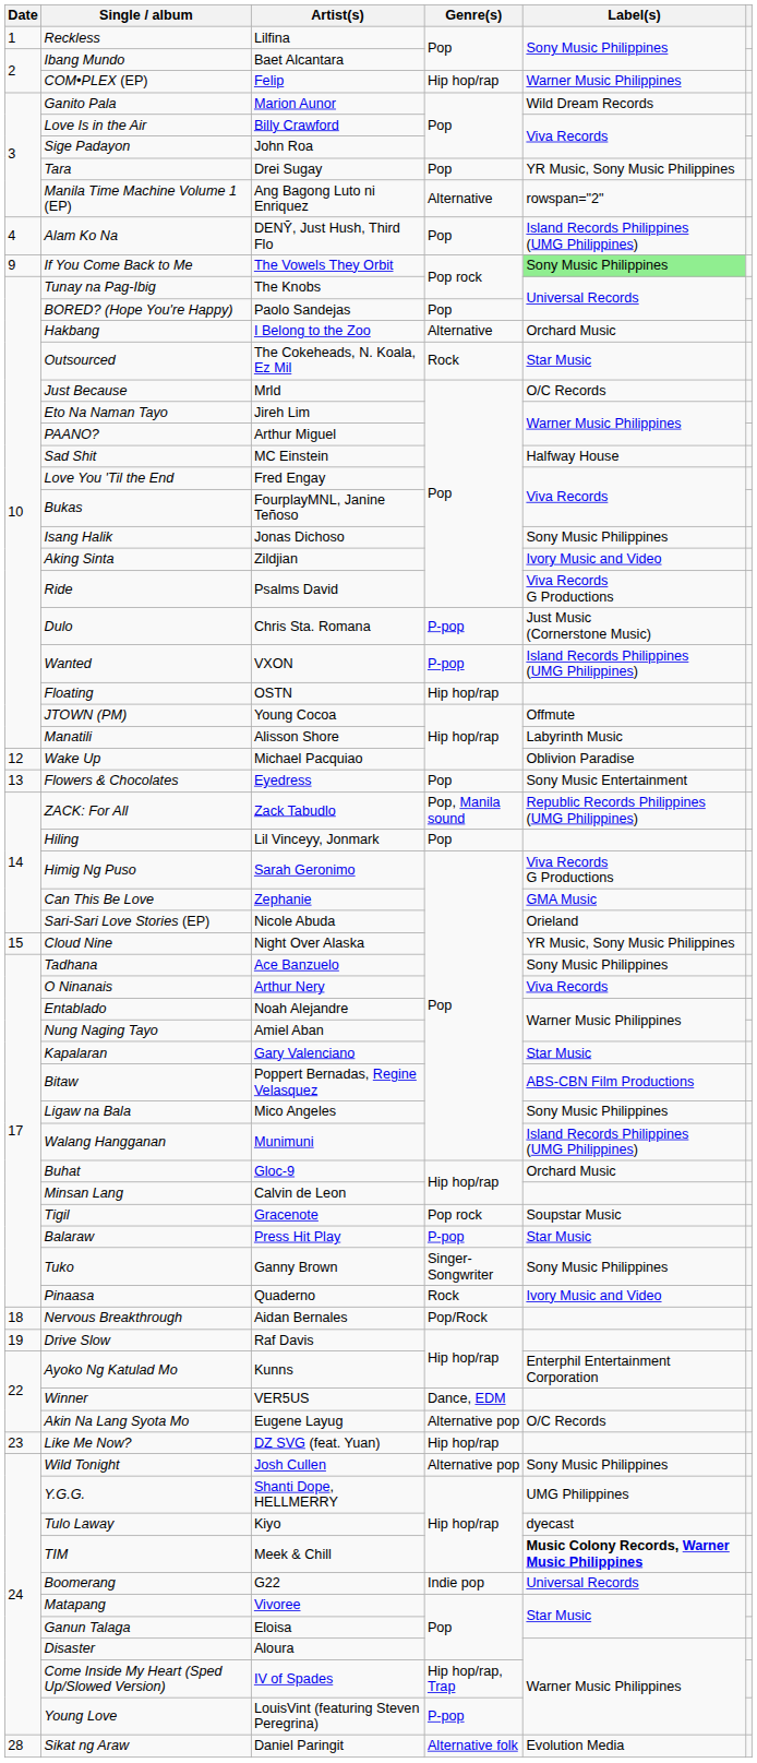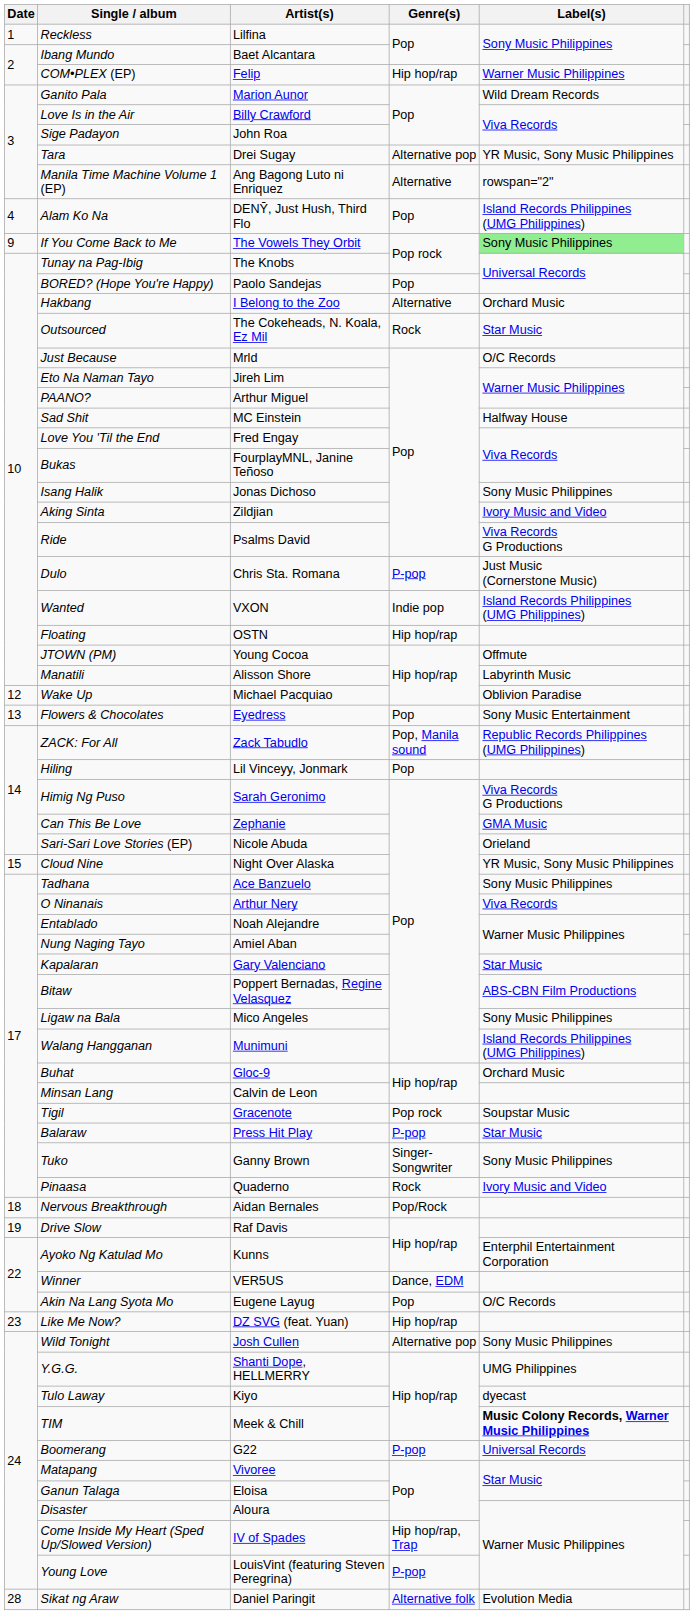 <table class="wikitable">
 <tr>
 <th>Date</th>
 <th>Single / album</th>
 <th>Artist(s)</th>
 <th>Genre(s)</th>
 <th>Label(s)</th>
 <th></th>
 </tr>
 <tr>
 <td>1</td>
 <td><em>Reckless</em></td>
 <td>Lilfina</td>
 <td rowspan="2">Pop</td>
 <td rowspan="2"><a href='#'>Sony Music Philippines</a></td>
 <td></td>
 </tr>
 <tr>
 <td rowspan="2">2</td>
 <td><em>Ibang Mundo</em></td>
 <td>Baet Alcantara</td>
 <td></td>
 </tr>
 <tr>
 <td><em>COM•PLEX</em> (EP)</td>
 <td><a href='#'>Felip</a></td>
 <td>Hip hop/rap</td>
 <td><a href='#'>Warner Music Philippines</a></td>
 <td></td>
 </tr>
 <tr>
 <td rowspan="5">3</td>
 <td><em>Ganito Pala</em></td>
 <td><a href='#'>Marion Aunor</a></td>
 <td rowspan="3">Pop</td>
 <td>Wild Dream Records</td>
 <td></td>
 </tr>
 <tr>
 <td><em>Love Is in the Air</em></td>
 <td><a href='#'>Billy Crawford</a></td>
 <td rowspan="2"><a href='#'>Viva Records</a></td>
 <td></td>
 </tr>
 <tr>
 <td><em>Sige Padayon</em></td>
 <td>John Roa</td>
 <td></td>
 </tr>
 <tr>
 <td><em>Tara</em></td>
 <td>Drei Sugay</td>
-<td>Pop</td>
+<td>Alternative pop</td>
 <td>YR Music, Sony Music Philippines</td>
 <td></td>
 </tr>
 <tr>
 <td><em>Manila Time Machine Volume 1</em> (EP)</td>
 <td>Ang Bagong Luto ni Enriquez</td>
 <td>Alternative</td>
 <td>rowspan="2" </td>
 <td></td>
 </tr>
 <tr>
 <td>4</td>
 <td><em>Alam Ko Na</em></td>
 <td>DENȲ, Just Hush, Third Flo</td>
 <td>Pop</td>
 <td><a href='#'>Island Records Philippines</a><br>(<a href='#'>UMG Philippines</a>)</td>
 </tr>
 <tr>
 <td>9</td>
 <td><em>If You Come Back to Me</em></td>
 <td><a href='#'>The Vowels They Orbit</a></td>
 <td rowspan="2">Pop rock</td>
 <td style="background: lightgreen;">Sony Music Philippines</td>
 <td></td>
 </tr>
 <tr>
 <td rowspan="18">10</td>
 <td><em>Tunay na Pag-Ibig</em></td>
 <td>The Knobs</td>
 <td rowspan="2"><a href='#'>Universal Records</a></td>
 <td></td>
 </tr>
 <tr>
 <td><em>BORED? (Hope You're Happy)</em></td>
 <td>Paolo Sandejas</td>
 <td>Pop</td>
 <td></td>
 </tr>
 <tr>
 <td><em>Hakbang</em></td>
 <td><a href='#'>I Belong to the Zoo</a></td>
 <td>Alternative</td>
 <td>Orchard Music</td>
 <td></td>
 </tr>
 <tr>
 <td><em>Outsourced</em></td>
 <td>The Cokeheads, N. Koala, <a href='#'>Ez Mil</a></td>
 <td>Rock</td>
 <td><a href='#'>Star Music</a></td>
 <td></td>
 </tr>
 <tr>
 <td><em>Just Because</em></td>
 <td>Mrld</td>
 <td rowspan="9">Pop</td>
 <td>O/C Records</td>
 <td></td>
 </tr>
 <tr>
 <td><em>Eto Na Naman Tayo</em></td>
 <td>Jireh Lim</td>
 <td rowspan="2"><a href='#'>Warner Music Philippines</a></td>
 <td></td>
 </tr>
 <tr>
 <td><em>PAANO?</em></td>
 <td>Arthur Miguel</td>
 <td></td>
 </tr>
 <tr>
 <td><em>Sad Shit</em></td>
 <td>MC Einstein</td>
 <td>Halfway House</td>
 <td></td>
 </tr>
 <tr>
 <td><em>Love You 'Til the End</em></td>
 <td>Fred Engay</td>
 <td rowspan="2"><a href='#'>Viva Records</a></td>
 <td></td>
 </tr>
 <tr>
 <td><em>Bukas</em></td>
 <td>FourplayMNL, Janine Teñoso</td>
 <td></td>
 </tr>
 <tr>
 <td><em>Isang Halik</em></td>
 <td>Jonas Dichoso</td>
 <td>Sony Music Philippines</td>
 <td></td>
 </tr>
 <tr>
 <td><em>Aking Sinta</em></td>
 <td>Zildjian</td>
 <td><a href='#'>Ivory Music and Video</a></td>
 <td></td>
 </tr>
 <tr>
 <td><em>Ride</em></td>
 <td>Psalms David</td>
 <td><a href='#'>Viva Records</a><br>G Productions</td>
 <td></td>
 </tr>
 <tr>
 <td><em>Dulo</em></td>
 <td>Chris Sta. Romana</td>
 <td><a href='#'>P-pop</a></td>
 <td>Just Music<br>(Cornerstone Music)</td>
 <td></td>
 </tr>
 <tr>
 <td><em>Wanted</em></td>
 <td>VXON</td>
-<td><a href='#'>P-pop</a></td>
+<td>Indie pop</td>
 <td><a href='#'>Island Records Philippines</a><br>(<a href='#'>UMG Philippines</a>)</td>
 <td></td>
 </tr>
 <tr>
 <td><em>Floating</em></td>
 <td>OSTN</td>
 <td>Hip hop/rap</td>
 <td></td>
 </tr>
 <tr>
 <td><em>JTOWN (PM)</em></td>
 <td>Young Cocoa</td>
 <td rowspan="3">Hip hop/rap</td>
 <td>Offmute</td>
 <td></td>
 </tr>
 <tr>
 <td><em>Manatili</em></td>
 <td>Alisson Shore</td>
 <td>Labyrinth Music</td>
 <td></td>
 </tr>
 <tr>
 <td>12</td>
 <td><em>Wake Up</em></td>
 <td>Michael Pacquiao</td>
 <td>Oblivion Paradise</td>
 <td></td>
 </tr>
 <tr>
 <td>13</td>
 <td><em>Flowers & Chocolates</em></td>
 <td><a href='#'>Eyedress</a></td>
 <td>Pop</td>
 <td>Sony Music Entertainment</td>
 <td></td>
 </tr>
 <tr>
 <td rowspan="5">14</td>
 <td><em>ZACK: For All</em></td>
 <td><a href='#'>Zack Tabudlo</a></td>
 <td>Pop, <a href='#'>Manila sound</a></td>
 <td><a href='#'>Republic Records Philippines</a><br>(<a href='#'>UMG Philippines</a>)</td>
 <td></td>
 </tr>
 <tr>
 <td><em>Hiling</em></td>
 <td>Lil Vinceyy, Jonmark</td>
 <td>Pop</td>
 <td></td>
 <td></td>
 </tr>
 <tr>
 <td><em>Himig Ng Puso</em></td>
 <td><a href='#'>Sarah Geronimo</a></td>
 <td rowspan="12">Pop</td>
 <td><a href='#'>Viva Records</a><br>G Productions</td>
 <td></td>
 </tr>
 <tr>
 <td><em>Can This Be Love</em></td>
 <td><a href='#'>Zephanie</a></td>
 <td><a href='#'>GMA Music</a></td>
 <td></td>
 </tr>
 <tr>
 <td><em>Sari-Sari Love Stories</em> (EP)</td>
 <td>Nicole Abuda</td>
 <td>Orieland</td>
 <td></td>
 </tr>
 <tr>
 <td>15</td>
 <td><em>Cloud Nine</em></td>
 <td>Night Over Alaska</td>
 <td>YR Music, Sony Music Philippines</td>
 <td></td>
 </tr>
 <tr>
 <td rowspan="14">17</td>
 <td><em>Tadhana</em></td>
 <td><a href='#'>Ace Banzuelo</a></td>
 <td>Sony Music Philippines</td>
 <td></td>
 </tr>
 <tr>
 <td><em>O Ninanais</em></td>
 <td><a href='#'>Arthur Nery</a></td>
 <td><a href='#'>Viva Records</a></td>
 <td></td>
 </tr>
 <tr>
 <td><em>Entablado</em></td>
 <td>Noah Alejandre</td>
 <td rowspan="2">Warner Music Philippines</td>
 <td></td>
 </tr>
 <tr>
 <td><em>Nung Naging Tayo</em></td>
 <td>Amiel Aban</td>
 <td></td>
 </tr>
 <tr>
 <td><em>Kapalaran</em></td>
 <td><a href='#'>Gary Valenciano</a></td>
 <td><a href='#'>Star Music</a></td>
 <td></td>
 </tr>
 <tr>
 <td><em>Bitaw</em></td>
 <td>Poppert Bernadas, <a href='#'>Regine Velasquez</a></td>
 <td><a href='#'>ABS-CBN Film Productions</a></td>
 <td></td>
 </tr>
 <tr>
 <td><em>Ligaw na Bala</em></td>
 <td>Mico Angeles</td>
 <td>Sony Music Philippines</td>
 <td></td>
 </tr>
 <tr>
 <td><em>Walang Hangganan</em></td>
 <td><a href='#'>Munimuni</a></td>
 <td><a href='#'>Island Records Philippines</a><br>(<a href='#'>UMG Philippines</a>)</td>
 <td></td>
 </tr>
 <tr>
 <td><em>Buhat</em></td>
 <td><a href='#'>Gloc-9</a></td>
 <td rowspan="2">Hip hop/rap</td>
 <td>Orchard Music</td>
 <td></td>
 </tr>
 <tr>
 <td><em>Minsan Lang</em></td>
 <td>Calvin de Leon</td>
 <td></td>
 </tr>
 <tr>
 <td><em>Tigil</em></td>
 <td><a href='#'>Gracenote</a></td>
 <td>Pop rock</td>
 <td>Soupstar Music</td>
 <td></td>
 </tr>
 <tr>
 <td><em>Balaraw</em></td>
 <td><a href='#'>Press Hit Play</a></td>
 <td><a href='#'>P-pop</a></td>
 <td><a href='#'>Star Music</a></td>
 <td></td>
 </tr>
 <tr>
 <td><em>Tuko</em></td>
 <td>Ganny Brown</td>
 <td>Singer-Songwriter</td>
 <td>Sony Music Philippines</td>
 <td></td>
 </tr>
 <tr>
 <td><em>Pinaasa</em></td>
 <td>Quaderno</td>
 <td>Rock</td>
 <td><a href='#'>Ivory Music and Video</a></td>
 <td></td>
 </tr>
 <tr>
 <td>18</td>
 <td><em>Nervous Breakthrough</em></td>
 <td>Aidan Bernales</td>
 <td>Pop/Rock</td>
 <td></td>
 <td></td>
 </tr>
 <tr>
 <td>19</td>
 <td><em>Drive Slow</em></td>
 <td>Raf Davis</td>
 <td rowspan="2">Hip hop/rap</td>
 <td></td>
 <td></td>
 </tr>
 <tr>
 <td rowspan="3">22</td>
 <td><em>Ayoko Ng Katulad Mo</em></td>
 <td>Kunns</td>
 <td>Enterphil Entertainment Corporation</td>
 <td></td>
 </tr>
 <tr>
 <td><em>Winner</em></td>
 <td>VER5US</td>
 <td>Dance, <a href='#'>EDM</a></td>
 <td></td>
 <td></td>
 </tr>
 <tr>
 <td><em>Akin Na Lang Syota Mo</em></td>
 <td>Eugene Layug</td>
-<td>Alternative pop</td>
+<td>Pop</td>
 <td>O/C Records</td>
 <td></td>
 </tr>
 <tr>
 <td>23</td>
 <td><em>Like Me Now?</em></td>
 <td><a href='#'>DZ SVG</a> (feat. Yuan)</td>
 <td>Hip hop/rap</td>
 <td></td>
 <td></td>
 </tr>
 <tr>
 <td rowspan="10">24</td>
 <td><em>Wild Tonight</em></td>
 <td><a href='#'>Josh Cullen</a></td>
 <td>Alternative pop</td>
 <td>Sony Music Philippines</td>
 <td></td>
 </tr>
 <tr>
 <td><em>Y.G.G.</em></td>
 <td><a href='#'>Shanti Dope</a>, HELLMERRY</td>
 <td rowspan="3">Hip hop/rap</td>
 <td>UMG Philippines</td>
 <td></td>
 </tr>
 <tr>
 <td><em>Tulo Laway</em></td>
 <td>Kiyo</td>
 <td>dyecast</td>
 <td></td>
 </tr>
 <tr>
 <td><em>TIM</em></td>
 <td>Meek & Chill</td>
 <td><strong>Music Colony Records, <a href='#'>Warner Music Philippines</a></strong></td>
 </tr>
 <tr>
 <td><em>Boomerang</em></td>
 <td>G22</td>
-<td>Indie pop</td>
+<td><a href='#'>P-pop</a></td>
 <td><a href='#'>Universal Records</a></td>
 <td></td>
 </tr>
 <tr>
 <td><em>Matapang</em></td>
 <td><a href='#'>Vivoree</a></td>
 <td rowspan="3">Pop</td>
 <td rowspan="2"><a href='#'>Star Music</a></td>
 <td></td>
 </tr>
 <tr>
 <td><em>Ganun Talaga</em></td>
 <td>Eloisa</td>
 <td></td>
 </tr>
 <tr>
 <td><em>Disaster</em></td>
 <td>Aloura</td>
 <td rowspan="3">Warner Music Philippines</td>
 <td></td>
 </tr>
 <tr>
 <td><em>Come Inside My Heart (Sped Up/Slowed Version)</em></td>
 <td><a href='#'>IV of Spades</a></td>
 <td>Hip hop/rap, <a href='#'>Trap</a></td>
 <td></td>
 </tr>
 <tr>
 <td><em>Young Love</em></td>
 <td>LouisVint (featuring Steven Peregrina)</td>
 <td><a href='#'>P-pop</a></td>
 <td></td>
 </tr>
 <tr>
 <td>28</td>
 <td><em>Sikat ng Araw</em></td>
 <td>Daniel Paringit</td>
 <td><a href='#'>Alternative folk</a></td>
 <td>Evolution Media</td>
 <td></td>
 </tr>
 </table>
